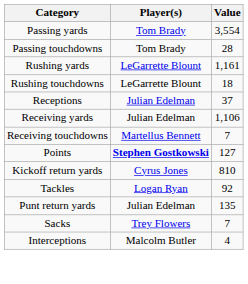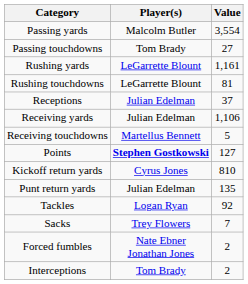 <table class="wikitable" style="text-align:center">
 <tr>
 <th>Category</th>
 <th>Player(s)</th>
 <th>Value</th>
 </tr>
 <tr>
 <td>Passing yards</td>
-<td><a href='#'>Tom Brady</a></td>
+<td>Malcolm Butler</td>
 <td>3,554</td>
 </tr>
 <tr>
 <td>Passing touchdowns</td>
 <td>Tom Brady</td>
-<td>28</td>
+<td>27</td>
 </tr>
 <tr>
 <td>Rushing yards</td>
 <td><a href='#'>LeGarrette Blount</a></td>
 <td>1,161</td>
 </tr>
 <tr>
 <td>Rushing touchdowns</td>
 <td>LeGarrette Blount</td>
-<td>18</td>
+<td>81</td>
 </tr>
 <tr>
 <td>Receptions</td>
 <td><a href='#'>Julian Edelman</a></td>
 <td>37</td>
 </tr>
 <tr>
 <td>Receiving yards</td>
 <td>Julian Edelman</td>
 <td>1,106</td>
 </tr>
 <tr>
 <td>Receiving touchdowns</td>
 <td><a href='#'>Martellus Bennett</a></td>
-<td>7</td>
+<td>5</td>
 </tr>
 <tr>
 <td>Points</td>
 <td><strong><a href='#'>Stephen Gostkowski</a></strong></td>
 <td>127</td>
 </tr>
 <tr>
 <td>Kickoff return yards</td>
 <td><a href='#'>Cyrus Jones</a></td>
 <td>810</td>
 </tr>
 <tr>
+<td>Punt return yards</td>
+<td>Julian Edelman</td>
+<td>135</td>
+</tr>
+<tr>
 <td>Tackles</td>
 <td><a href='#'>Logan Ryan</a></td>
 <td>92</td>
-</tr>
-<tr>
-<td>Punt return yards</td>
-<td>Julian Edelman</td>
-<td>135</td>
 </tr>
 <tr>
 <td>Sacks</td>
 <td><a href='#'>Trey Flowers</a></td>
 <td>7</td>
 </tr>
 <tr>
+<td>Forced fumbles</td>
+<td><a href='#'>Nate Ebner</a><br><a href='#'>Jonathan Jones</a></td>
+<td>2</td>
+</tr>
+<tr>
 <td>Interceptions</td>
-<td>Malcolm Butler</td>
-<td>4</td>
+<td><a href='#'>Tom Brady</a></td>
+<td>2</td>
 </tr>
 </table>
